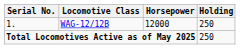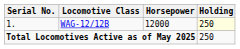 <table class="wikitable">
 <tr>
 <th>Serial No.</th>
 <th>Locomotive Class</th>
 <th>Horsepower</th>
 <th>Holding</th>
 </tr>
 <tr>
 <td>1.</td>
 <td><a href='#'>WAG-12/12B</a></td>
 <td>12000</td>
-<td>250</td>
+<td style="background: lightyellow;">250</td>
 </tr>
 <tr>
 <td colspan="3"><strong>Total Locomotives Active as of May 2025</strong></td>
 <td>250</td>
 </tr>
 </table>
